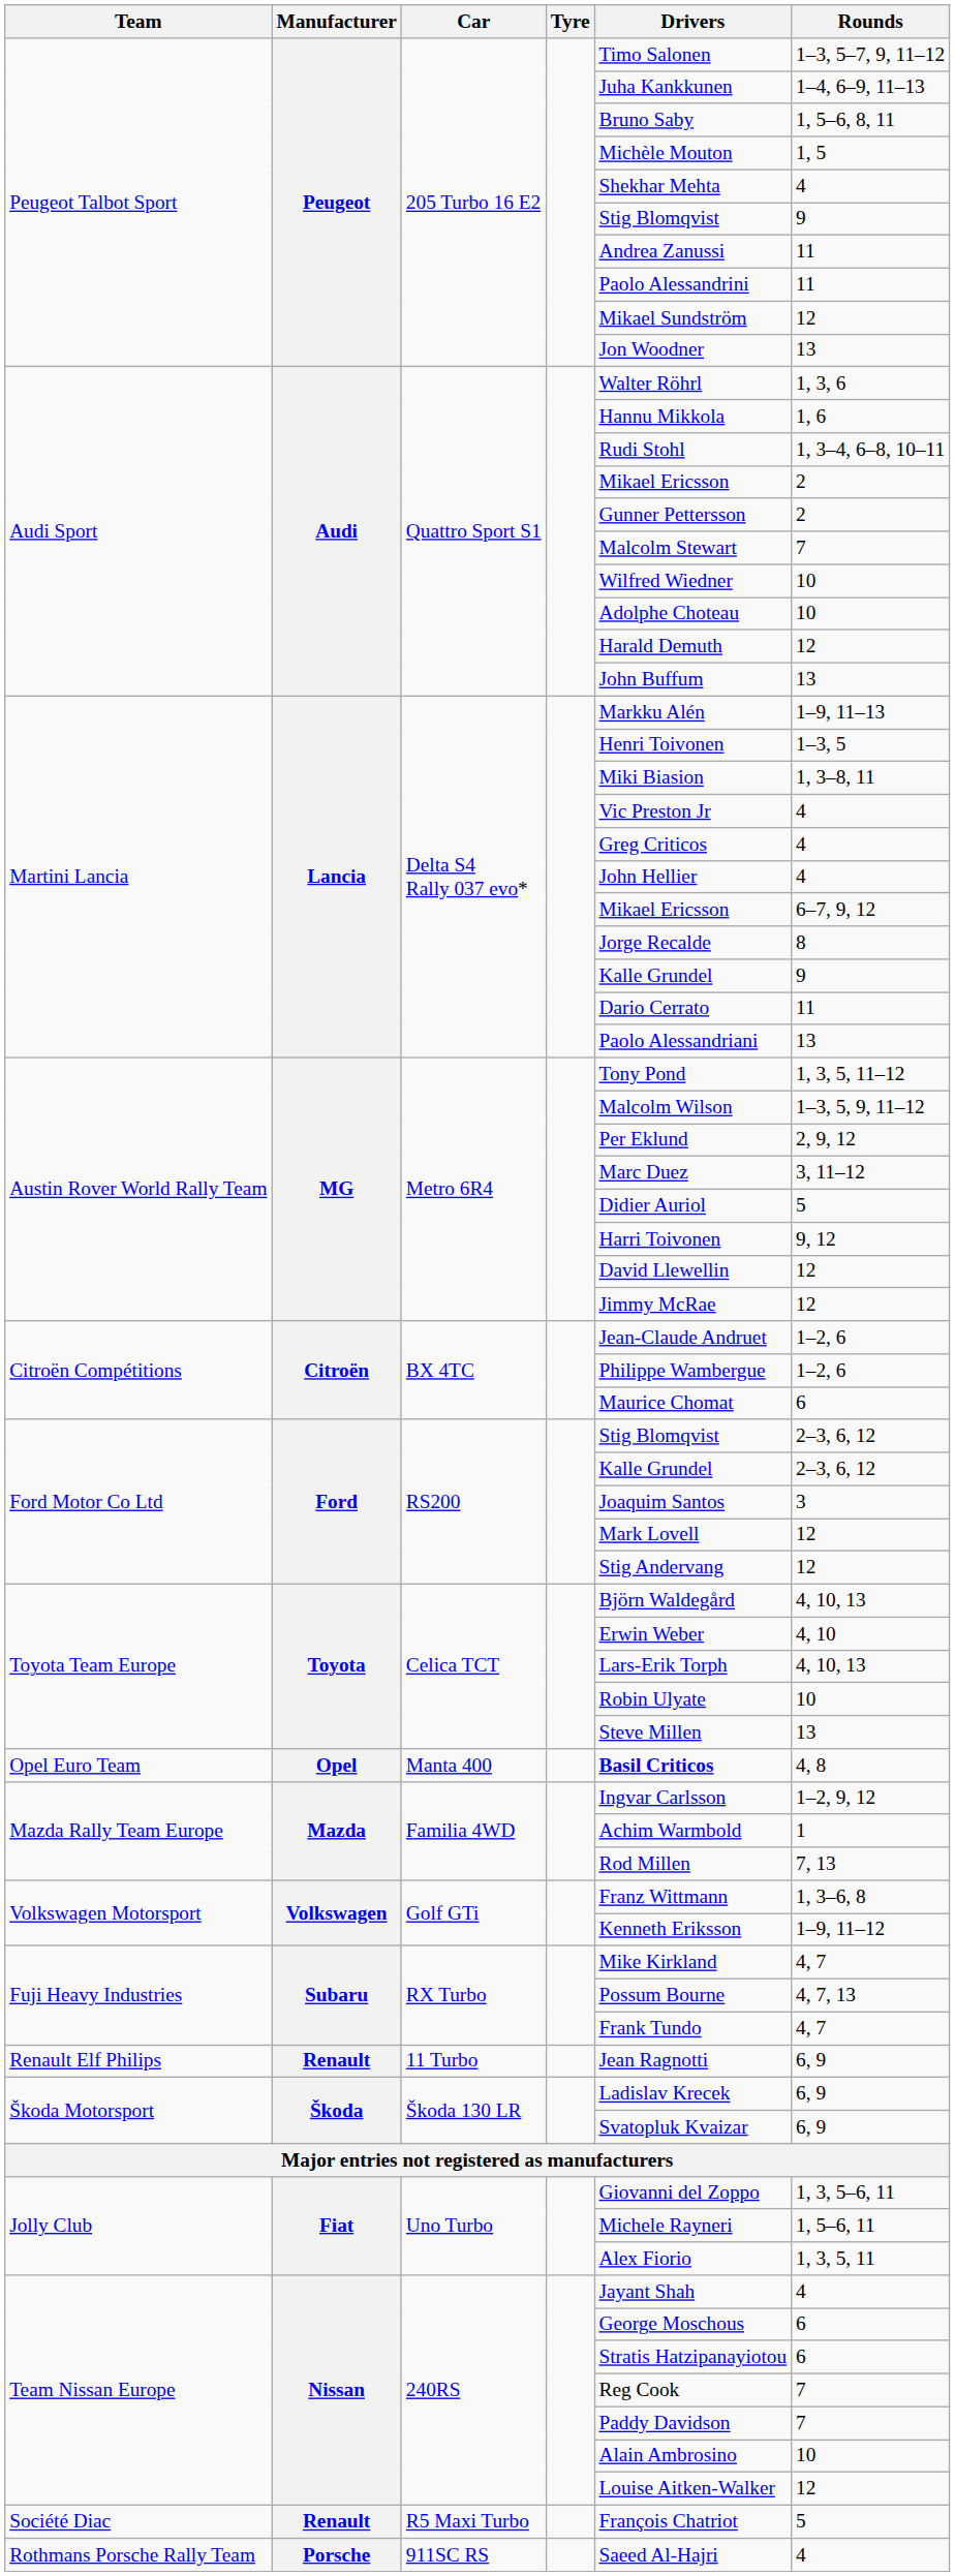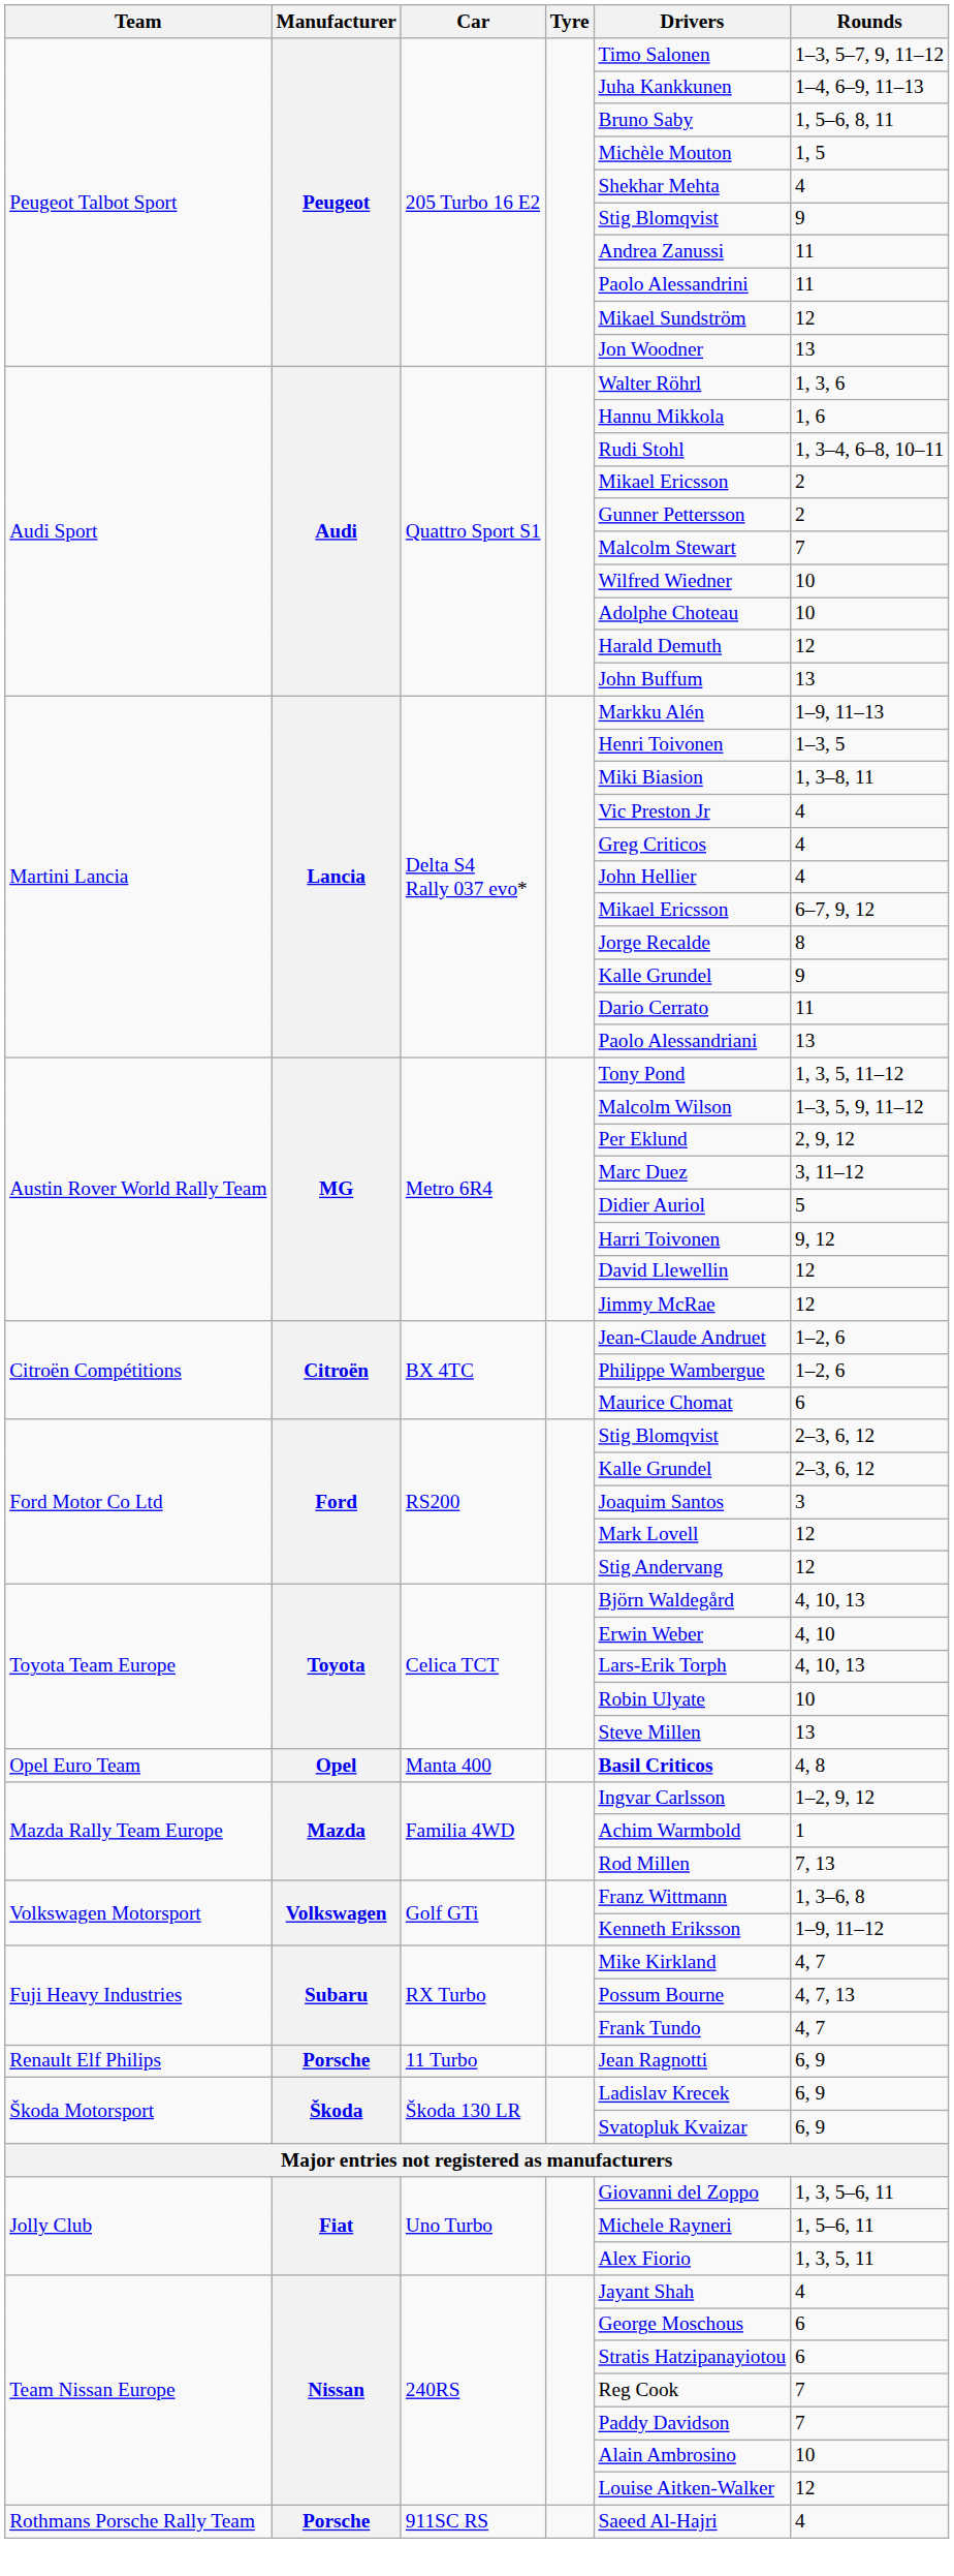 <table class="wikitable" style="font-size: 90%">
 <tr>
 <th>Team</th>
 <th>Manufacturer</th>
 <th>Car</th>
 <th>Tyre</th>
 <th>Drivers</th>
 <th>Rounds</th>
 </tr>
 <tr>
 <td rowspan="10"> <a href='#'>Peugeot Talbot Sport</a></td>
 <th rowspan="10"><a href='#'>Peugeot</a></th>
 <td rowspan="10"><a href='#'>205 Turbo 16 E2</a></td>
 <td rowspan="10" align="center"></td>
 <td> <a href='#'>Timo Salonen</a></td>
 <td>1–3, 5–7, 9, 11–12</td>
 </tr>
 <tr>
 <td> <a href='#'>Juha Kankkunen</a></td>
 <td>1–4, 6–9, 11–13</td>
 </tr>
 <tr>
 <td> <a href='#'>Bruno Saby</a></td>
 <td>1, 5–6, 8, 11</td>
 </tr>
 <tr>
 <td> <a href='#'>Michèle Mouton</a></td>
 <td>1, 5</td>
 </tr>
 <tr>
 <td> <a href='#'>Shekhar Mehta</a></td>
 <td>4</td>
 </tr>
 <tr>
 <td> <a href='#'>Stig Blomqvist</a></td>
 <td>9</td>
 </tr>
 <tr>
 <td> <a href='#'>Andrea Zanussi</a></td>
 <td>11</td>
 </tr>
 <tr>
 <td> <a href='#'>Paolo Alessandrini</a></td>
 <td>11</td>
 </tr>
 <tr>
 <td> <a href='#'>Mikael Sundström</a></td>
 <td>12</td>
 </tr>
 <tr>
 <td> <a href='#'>Jon Woodner</a></td>
 <td>13</td>
 </tr>
 <tr>
 <td rowspan="10"> <a href='#'>Audi Sport</a></td>
 <th rowspan="10"><a href='#'>Audi</a></th>
 <td rowspan="10"><a href='#'>Quattro Sport S1</a></td>
 <td rowspan="10" align="center"></td>
 <td> <a href='#'>Walter Röhrl</a></td>
 <td>1, 3, 6</td>
 </tr>
 <tr>
 <td> <a href='#'>Hannu Mikkola</a></td>
 <td>1, 6</td>
 </tr>
 <tr>
 <td> <a href='#'>Rudi Stohl</a></td>
 <td>1, 3–4, 6–8, 10–11</td>
 </tr>
 <tr>
 <td> <a href='#'>Mikael Ericsson</a></td>
 <td>2</td>
 </tr>
 <tr>
 <td> <a href='#'>Gunner Pettersson</a></td>
 <td>2</td>
 </tr>
 <tr>
 <td> <a href='#'>Malcolm Stewart</a></td>
 <td>7</td>
 </tr>
 <tr>
 <td> <a href='#'>Wilfred Wiedner</a></td>
 <td>10</td>
 </tr>
 <tr>
 <td> <a href='#'>Adolphe Choteau</a></td>
 <td>10</td>
 </tr>
 <tr>
 <td> <a href='#'>Harald Demuth</a></td>
 <td>12</td>
 </tr>
 <tr>
 <td> <a href='#'>John Buffum</a></td>
 <td>13</td>
 </tr>
 <tr>
 <td rowspan="11"> <a href='#'>Martini Lancia</a></td>
 <th rowspan="11"><a href='#'>Lancia</a></th>
 <td rowspan="11"><a href='#'>Delta S4</a><br><a href='#'>Rally 037 evo</a>*</td>
 <td rowspan="11" align="center"></td>
 <td> <a href='#'>Markku Alén</a></td>
 <td>1–9, 11–13</td>
 </tr>
 <tr>
 <td> <a href='#'>Henri Toivonen</a></td>
 <td>1–3, 5</td>
 </tr>
 <tr>
 <td> <a href='#'>Miki Biasion</a></td>
 <td>1, 3–8, 11</td>
 </tr>
 <tr>
 <td> <a href='#'>Vic Preston Jr</a></td>
 <td>4</td>
 </tr>
 <tr>
 <td> <a href='#'>Greg Criticos</a></td>
 <td>4</td>
 </tr>
 <tr>
 <td> <a href='#'>John Hellier</a></td>
 <td>4</td>
 </tr>
 <tr>
 <td> <a href='#'>Mikael Ericsson</a></td>
 <td>6–7, 9, 12</td>
 </tr>
 <tr>
 <td> <a href='#'>Jorge Recalde</a></td>
 <td>8</td>
 </tr>
 <tr>
 <td> <a href='#'>Kalle Grundel</a></td>
 <td>9</td>
 </tr>
 <tr>
 <td> <a href='#'>Dario Cerrato</a></td>
 <td>11</td>
 </tr>
 <tr>
 <td> <a href='#'>Paolo Alessandriani</a></td>
 <td>13</td>
 </tr>
 <tr>
 <td rowspan="8"> <a href='#'>Austin Rover World Rally Team</a></td>
 <th rowspan="8"><a href='#'>MG</a></th>
 <td rowspan="8"><a href='#'>Metro 6R4</a></td>
 <td rowspan="8" align="center"></td>
 <td> <a href='#'>Tony Pond</a></td>
 <td>1, 3, 5, 11–12</td>
 </tr>
 <tr>
 <td> <a href='#'>Malcolm Wilson</a></td>
 <td>1–3, 5, 9, 11–12</td>
 </tr>
 <tr>
 <td> <a href='#'>Per Eklund</a></td>
 <td>2, 9, 12</td>
 </tr>
 <tr>
 <td> <a href='#'>Marc Duez</a></td>
 <td>3, 11–12</td>
 </tr>
 <tr>
 <td> <a href='#'>Didier Auriol</a></td>
 <td>5</td>
 </tr>
 <tr>
 <td> <a href='#'>Harri Toivonen</a></td>
 <td>9, 12</td>
 </tr>
 <tr>
 <td> <a href='#'>David Llewellin</a></td>
 <td>12</td>
 </tr>
 <tr>
 <td> <a href='#'>Jimmy McRae</a></td>
 <td>12</td>
 </tr>
 <tr>
 <td rowspan="3"> <a href='#'>Citroën Compétitions</a></td>
 <th rowspan="3"><a href='#'>Citroën</a></th>
 <td rowspan="3"><a href='#'>BX 4TC</a></td>
 <td rowspan="3" align="center"></td>
 <td> <a href='#'>Jean-Claude Andruet</a></td>
 <td>1–2, 6</td>
 </tr>
 <tr>
 <td> <a href='#'>Philippe Wambergue</a></td>
 <td>1–2, 6</td>
 </tr>
 <tr>
 <td> <a href='#'>Maurice Chomat</a></td>
 <td>6</td>
 </tr>
 <tr>
 <td rowspan="5"> <a href='#'>Ford Motor Co Ltd</a></td>
 <th rowspan="5"><a href='#'>Ford</a></th>
 <td rowspan="5"><a href='#'>RS200</a></td>
 <td rowspan="5" align="center"></td>
 <td> <a href='#'>Stig Blomqvist</a></td>
 <td>2–3, 6, 12</td>
 </tr>
 <tr>
 <td> <a href='#'>Kalle Grundel</a></td>
 <td>2–3, 6, 12</td>
 </tr>
 <tr>
 <td> <a href='#'>Joaquim Santos</a></td>
 <td>3</td>
 </tr>
 <tr>
 <td> <a href='#'>Mark Lovell</a></td>
 <td>12</td>
 </tr>
 <tr>
 <td> <a href='#'>Stig Andervang</a></td>
 <td>12</td>
 </tr>
 <tr>
 <td rowspan="5"> <a href='#'>Toyota Team Europe</a></td>
 <th rowspan="5"><a href='#'>Toyota</a></th>
 <td rowspan="5"><a href='#'>Celica TCT</a></td>
 <td rowspan="5" align="center"></td>
 <td> <a href='#'>Björn Waldegård</a></td>
 <td>4, 10, 13</td>
 </tr>
 <tr>
 <td> <a href='#'>Erwin Weber</a></td>
 <td>4, 10</td>
 </tr>
 <tr>
 <td> <a href='#'>Lars-Erik Torph</a></td>
 <td>4, 10, 13</td>
 </tr>
 <tr>
 <td> <a href='#'>Robin Ulyate</a></td>
 <td>10</td>
 </tr>
 <tr>
 <td> <a href='#'>Steve Millen</a></td>
 <td>13</td>
 </tr>
 <tr>
 <td> <a href='#'>Opel Euro Team</a></td>
 <th><a href='#'>Opel</a></th>
 <td><a href='#'>Manta 400</a></td>
 <td align="center"></td>
 <td><strong> <a href='#'>Basil Criticos</a></strong></td>
 <td>4, 8</td>
 </tr>
 <tr>
 <td rowspan="3"> <a href='#'>Mazda Rally Team Europe</a></td>
 <th rowspan="3"><a href='#'>Mazda</a></th>
 <td rowspan="3"><a href='#'>Familia 4WD</a></td>
 <td rowspan="3" align="center"></td>
 <td> <a href='#'>Ingvar Carlsson</a></td>
 <td>1–2, 9, 12</td>
 </tr>
 <tr>
 <td> <a href='#'>Achim Warmbold</a></td>
 <td>1</td>
 </tr>
 <tr>
 <td> <a href='#'>Rod Millen</a></td>
 <td>7, 13</td>
 </tr>
 <tr>
 <td rowspan="2"> <a href='#'>Volkswagen Motorsport</a></td>
 <th rowspan="2"><a href='#'>Volkswagen</a></th>
 <td rowspan="2"><a href='#'>Golf GTi</a></td>
 <td rowspan="2" align="center"></td>
 <td> <a href='#'>Franz Wittmann</a></td>
 <td>1, 3–6, 8</td>
 </tr>
 <tr>
 <td> <a href='#'>Kenneth Eriksson</a></td>
 <td>1–9, 11–12</td>
 </tr>
 <tr>
 <td rowspan="3"> <a href='#'>Fuji Heavy Industries</a></td>
 <th rowspan="3"><a href='#'>Subaru</a></th>
 <td rowspan="3"><a href='#'>RX Turbo</a></td>
 <td rowspan="3" align="center"></td>
 <td> <a href='#'>Mike Kirkland</a></td>
 <td>4, 7</td>
 </tr>
 <tr>
 <td> <a href='#'>Possum Bourne</a></td>
 <td>4, 7, 13</td>
 </tr>
 <tr>
 <td> <a href='#'>Frank Tundo</a></td>
 <td>4, 7</td>
 </tr>
 <tr>
 <td> <a href='#'>Renault Elf Philips</a></td>
-<th><a href='#'>Renault</a></th>
+<th><a href='#'>Porsche</a></th>
 <td><a href='#'>11 Turbo</a></td>
 <td align=center></td>
 <td> <a href='#'>Jean Ragnotti</a></td>
 <td>6, 9</td>
 </tr>
 <tr>
 <td rowspan="2"> <a href='#'>Škoda Motorsport</a></td>
 <th rowspan="2"><a href='#'>Škoda</a></th>
 <td rowspan="2"><a href='#'>Škoda 130 LR</a></td>
 <td rowspan="2" align="center"></td>
 <td> <a href='#'>Ladislav Krecek</a></td>
 <td>6, 9</td>
 </tr>
 <tr>
 <td> <a href='#'>Svatopluk Kvaizar</a></td>
 <td>6, 9</td>
 </tr>
 <tr>
 <th colspan="6">Major entries not registered as manufacturers</th>
 </tr>
 <tr>
 <td rowspan="3"> <a href='#'>Jolly Club</a></td>
 <th rowspan="3"><a href='#'>Fiat</a></th>
 <td rowspan="3"><a href='#'>Uno Turbo</a></td>
 <td rowspan="3" align="center"></td>
 <td> <a href='#'>Giovanni del Zoppo</a></td>
 <td>1, 3, 5–6, 11</td>
 </tr>
 <tr>
 <td> <a href='#'>Michele Rayneri</a></td>
 <td>1, 5–6, 11</td>
 </tr>
 <tr>
 <td> <a href='#'>Alex Fiorio</a></td>
 <td>1, 3, 5, 11</td>
 </tr>
 <tr>
 <td rowspan="7"> <a href='#'>Team Nissan Europe</a></td>
 <th rowspan="7"><a href='#'>Nissan</a></th>
 <td rowspan="7"><a href='#'>240RS</a></td>
 <td rowspan="7" align="center"></td>
 <td> <a href='#'>Jayant Shah</a></td>
 <td>4</td>
 </tr>
 <tr>
 <td> <a href='#'>George Moschous</a></td>
 <td>6</td>
 </tr>
 <tr>
 <td> <a href='#'>Stratis Hatzipanayiotou</a></td>
 <td>6</td>
 </tr>
 <tr>
 <td> Reg Cook</td>
 <td>7</td>
 </tr>
 <tr>
 <td> <a href='#'>Paddy Davidson</a></td>
 <td>7</td>
 </tr>
 <tr>
 <td> <a href='#'>Alain Ambrosino</a></td>
 <td>10</td>
 </tr>
 <tr>
 <td> <a href='#'>Louise Aitken-Walker</a></td>
 <td>12</td>
 </tr>
 <tr>
-<td> <a href='#'>Société Diac</a></td>
-<th><a href='#'>Renault</a></th>
-<td><a href='#'>R5 Maxi Turbo</a></td>
-<td align="center"></td>
-<td> <a href='#'>François Chatriot</a></td>
-<td>5</td>
-</tr>
-<tr>
 <td> <a href='#'>Rothmans Porsche Rally Team</a></td>
 <th><a href='#'>Porsche</a></th>
 <td><a href='#'>911SC RS</a></td>
 <td align="center"></td>
 <td> <a href='#'>Saeed Al-Hajri</a></td>
 <td>4</td>
 </tr>
 <tr>
 </tr>
 </table>
